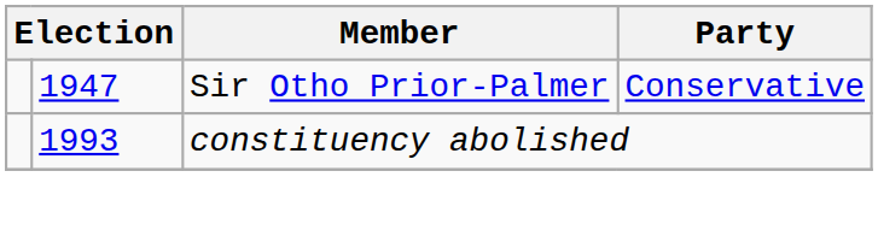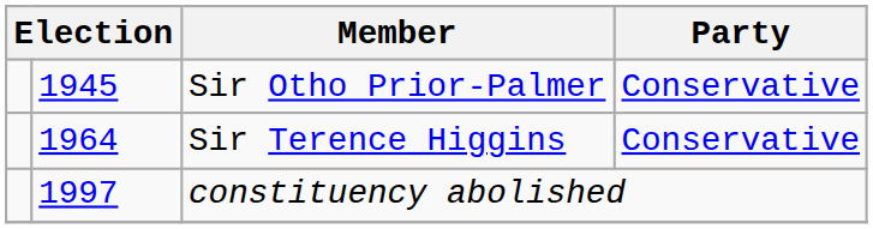 <table class="wikitable">
 <tr>
 <th colspan="2">Election</th>
 <th>Member</th>
 <th>Party</th>
 </tr>
 <tr>
 <td style="color:inherit;background-color: "></td>
-<td><a href='#'>1947</a></td>
+<td><a href='#'>1945</a></td>
 <td>Sir <a href='#'>Otho Prior-Palmer</a></td>
 <td><a href='#'>Conservative</a></td>
 </tr>
 <tr>
+<td style="color:inherit;background-color: "></td>
+<td><a href='#'>1964</a></td>
+<td>Sir <a href='#'>Terence Higgins</a></td>
+<td><a href='#'>Conservative</a></td>
+</tr>
+<tr>
 <td></td>
-<td><a href='#'>1993</a></td>
+<td><a href='#'>1997</a></td>
 <td colspan="2"><em>constituency abolished</em></td>
 </tr>
 <tr>
 </tr>
 </table>
